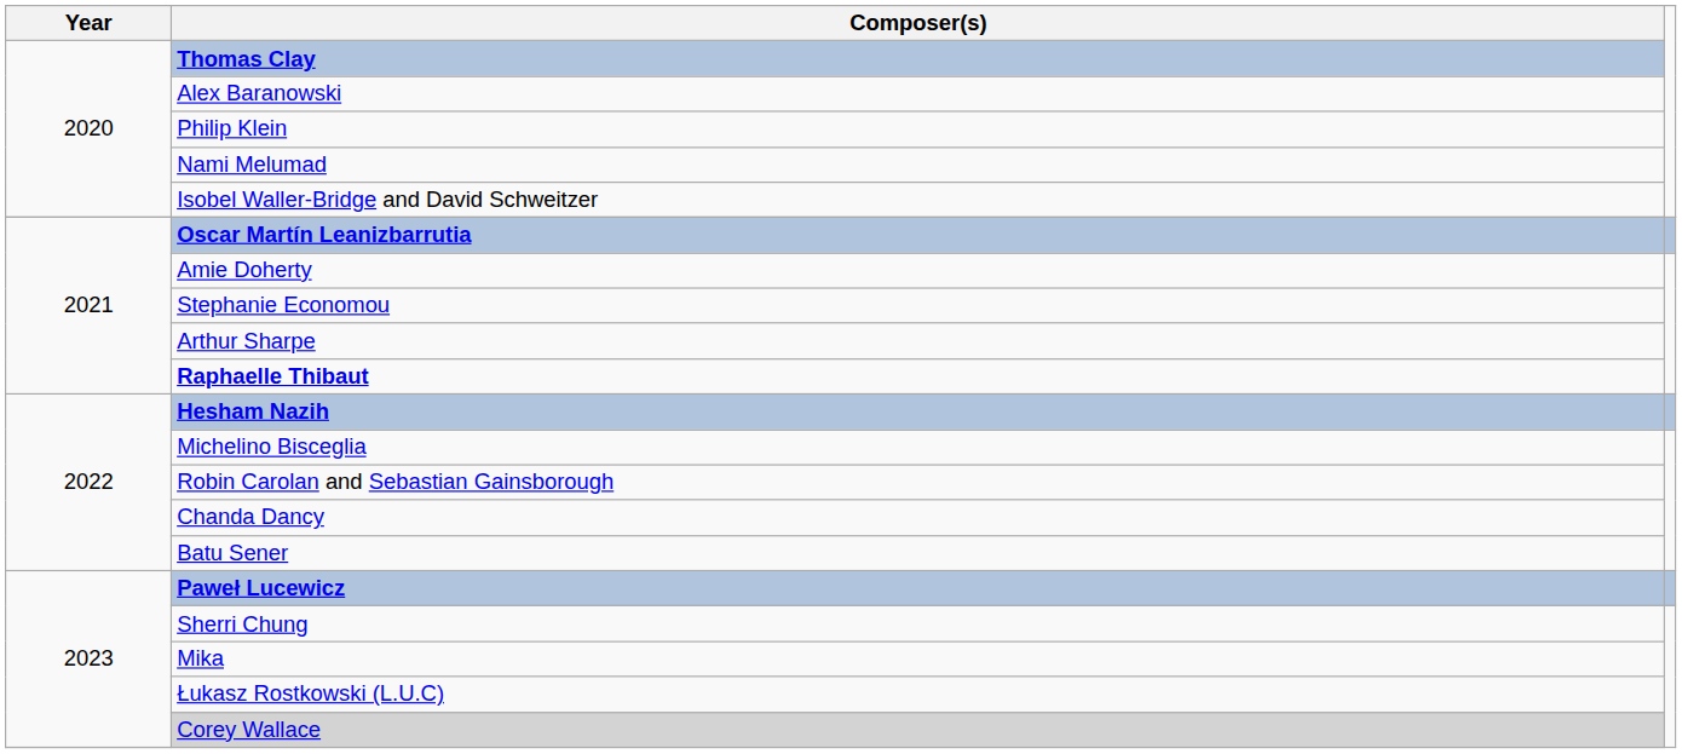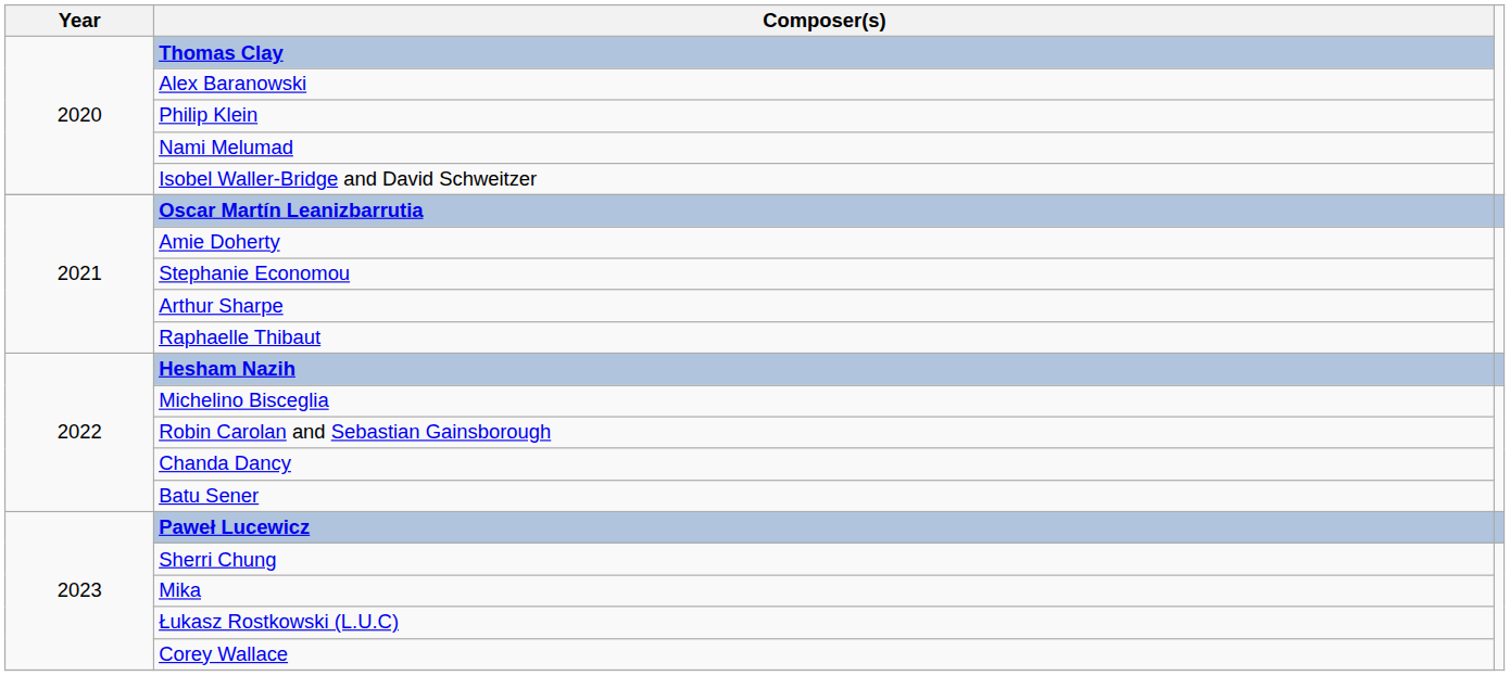 <table class="wikitable" width="95%" cellpadding="5">
 <tr>
 <th width="10%">Year</th>
 <th width="90%">Composer(s)</th>
 </tr>
 <tr>
 <td rowspan="5" style="text-align:center;">2020<br></td>
 <td style="background:#B0C4DE;"><strong><a href='#'>Thomas Clay</a></strong></td>
 </tr>
 <tr>
 <td><a href='#'>Alex Baranowski</a></td>
 </tr>
 <tr>
 <td><a href='#'>Philip Klein</a></td>
 </tr>
 <tr>
 <td><a href='#'>Nami Melumad</a></td>
 </tr>
 <tr>
 <td><a href='#'>Isobel Waller-Bridge</a> and David Schweitzer</td>
 </tr>
 <tr>
 </tr>
 <tr>
 <td rowspan="5" style="text-align:center;">2021<br></td>
 <td style="background:#B0C4DE;"><strong><a href='#'>Oscar Martín Leanizbarrutia</a></strong></td>
 <td style="background:#B0C4DE;"></td>
 </tr>
 <tr>
 <td><a href='#'>Amie Doherty</a></td>
 </tr>
 <tr>
 <td><a href='#'>Stephanie Economou</a></td>
 </tr>
 <tr>
 <td><a href='#'>Arthur Sharpe</a></td>
 </tr>
 <tr>
-<td><strong><a href='#'>Raphaelle Thibaut</a></strong></td>
+<td><a href='#'>Raphaelle Thibaut</a></td>
 </tr>
 <tr>
 <td rowspan="5" style="text-align:center;">2022<br></td>
 <td style="background:#B0C4DE;"><strong><a href='#'>Hesham Nazih</a></strong></td>
 <td style="background:#B0C4DE;"></td>
 </tr>
 <tr>
 <td><a href='#'>Michelino Bisceglia</a></td>
 </tr>
 <tr>
 <td><a href='#'>Robin Carolan</a> and <a href='#'>Sebastian Gainsborough</a></td>
 </tr>
 <tr>
 <td><a href='#'>Chanda Dancy</a></td>
 </tr>
 <tr>
 <td><a href='#'>Batu Sener</a></td>
 </tr>
 <tr>
 <td rowspan="5" style="text-align:center;">2023<br></td>
 <td style="background:#B0C4DE;"><strong><a href='#'>Paweł Lucewicz</a></strong></td>
 <td style="background:#B0C4DE;"></td>
 </tr>
 <tr>
 <td><a href='#'>Sherri Chung</a></td>
 </tr>
 <tr>
 <td><a href='#'>Mika</a></td>
 </tr>
 <tr>
 <td><a href='#'>Łukasz Rostkowski (L.U.C)</a></td>
 </tr>
 <tr>
-<td style="background: lightgrey;"><a href='#'>Corey Wallace</a></td>
+<td><a href='#'>Corey Wallace</a></td>
 </tr>
 <tr>
 </tr>
 </table>
